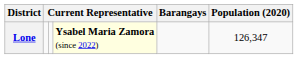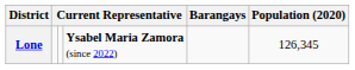 <table class="wikitable sortable" style="margin: 1em auto; font-size:100%; line-height:20px; text-align:center">
 <tr>
 <th>District</th>
 <th colspan="3">Current Representative</th>
 <th>Barangays</th>
 <th>Population (2020)</th>
 </tr>
 <tr>
 <th><a href='#'>Lone</a></th>
 <td style="background:"></td>
 <td></td>
-<td style="background: lightyellow; text-align:left;"><strong>Ysabel Maria Zamora</strong><br><small>(since <a href='#'>2022</a>)</small></td>
+<td style="text-align:left;"><strong>Ysabel Maria Zamora</strong><br><small>(since <a href='#'>2022</a>)</small></td>
 <td></td>
-<td>126,347</td>
+<td>126,345</td>
 </tr>
 </table>
